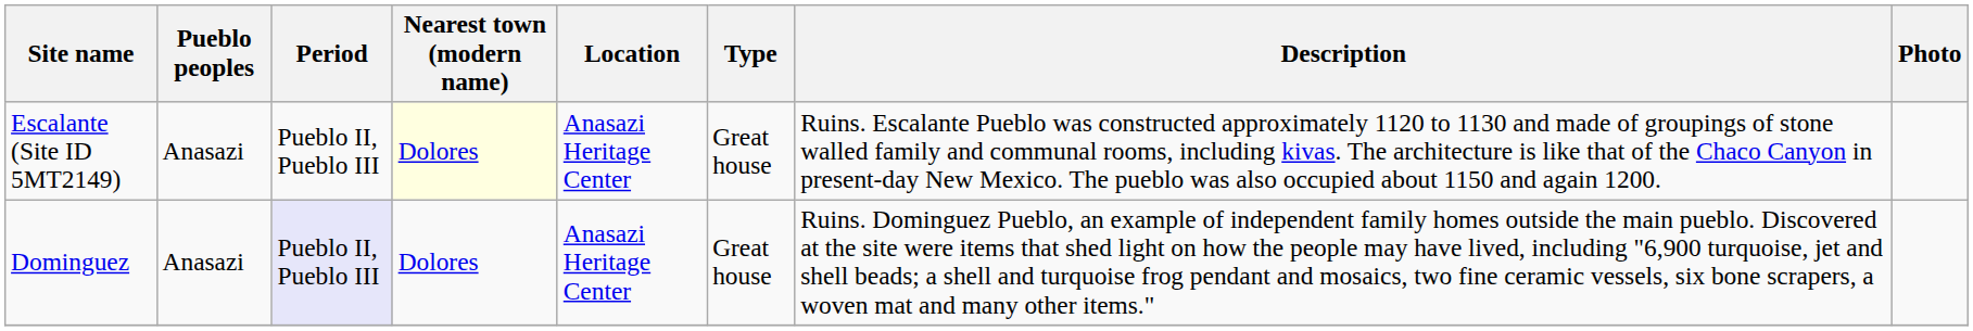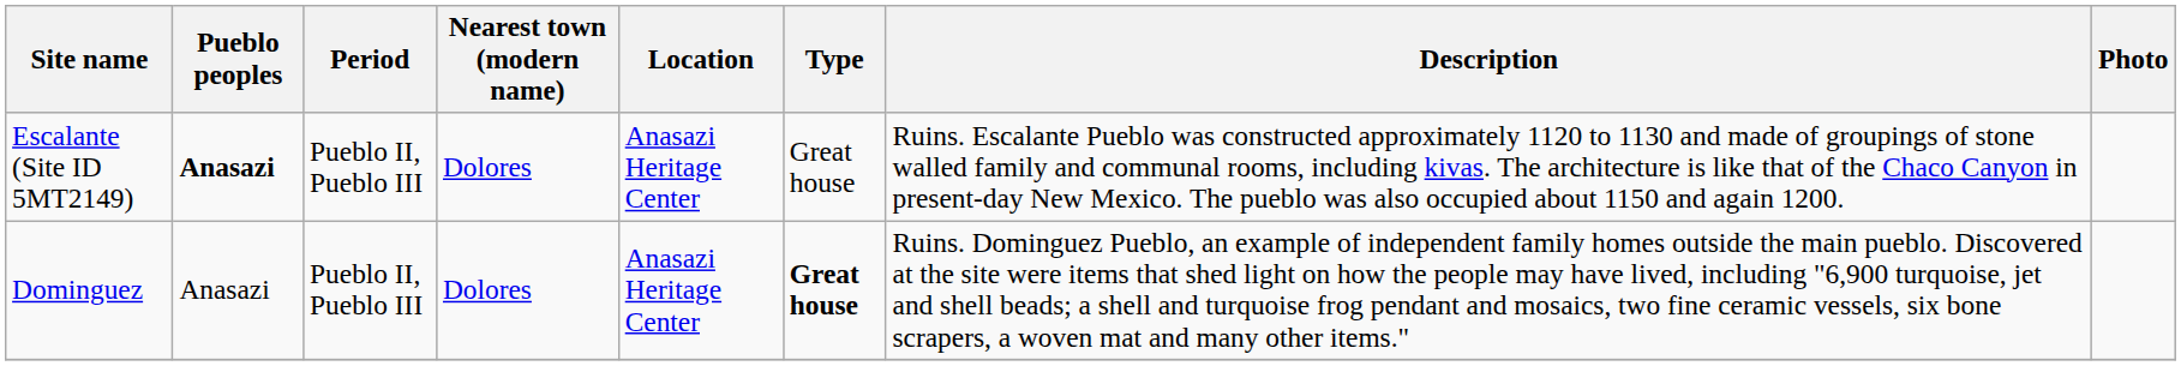 <table class="wikitable sortable" style="width:98%">
 <tr>
 <th>Site name</th>
 <th>Pueblo peoples</th>
 <th>Period</th>
 <th>Nearest town (modern name)</th>
 <th>Location</th>
 <th>Type</th>
 <th>Description</th>
 <th>Photo</th>
 </tr>
 <tr>
 <td><a href='#'>Escalante</a><br>(Site ID 5MT2149)</td>
-<td>Anasazi</td>
+<td><strong>Anasazi</strong></td>
 <td>Pueblo II, Pueblo III</td>
-<td style="background: lightyellow;"><a href='#'>Dolores</a></td>
+<td><a href='#'>Dolores</a></td>
 <td><a href='#'>Anasazi Heritage Center</a></td>
 <td>Great house</td>
 <td>Ruins. Escalante Pueblo was constructed approximately 1120 to 1130 and made of groupings of stone walled family and communal rooms, including <a href='#'>kivas</a>.  The architecture is like that of the <a href='#'>Chaco Canyon</a> in present-day New Mexico. The pueblo was also occupied about 1150 and again 1200.</td>
 <td></td>
 </tr>
 <tr>
 <td><a href='#'>Dominguez</a></td>
 <td>Anasazi</td>
-<td style="background: lavender;">Pueblo II, Pueblo III</td>
+<td>Pueblo II, Pueblo III</td>
 <td><a href='#'>Dolores</a></td>
 <td><a href='#'>Anasazi Heritage Center</a></td>
-<td>Great house</td>
+<td><strong>Great house</strong></td>
 <td>Ruins. Dominguez Pueblo, an example of independent family homes outside the main pueblo.  Discovered at the site were items that shed light on how the people may have lived, including "6,900 turquoise, jet and shell beads; a shell and turquoise frog pendant and mosaics, two fine ceramic vessels, six bone scrapers, a woven mat and many other items."</td>
 <td></td>
 </tr>
 <tr>
 </tr>
 </table>
